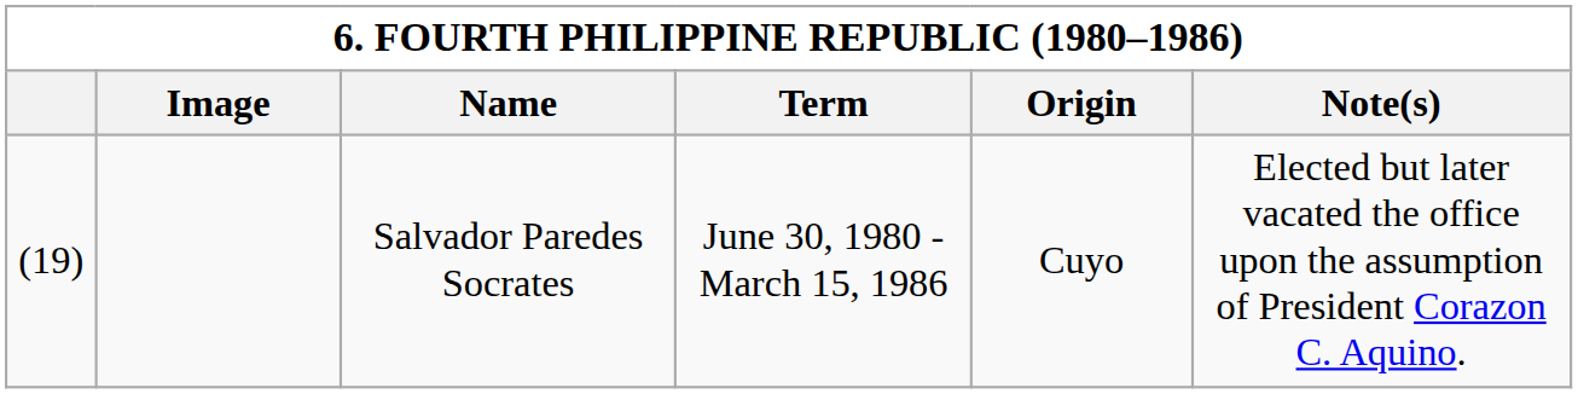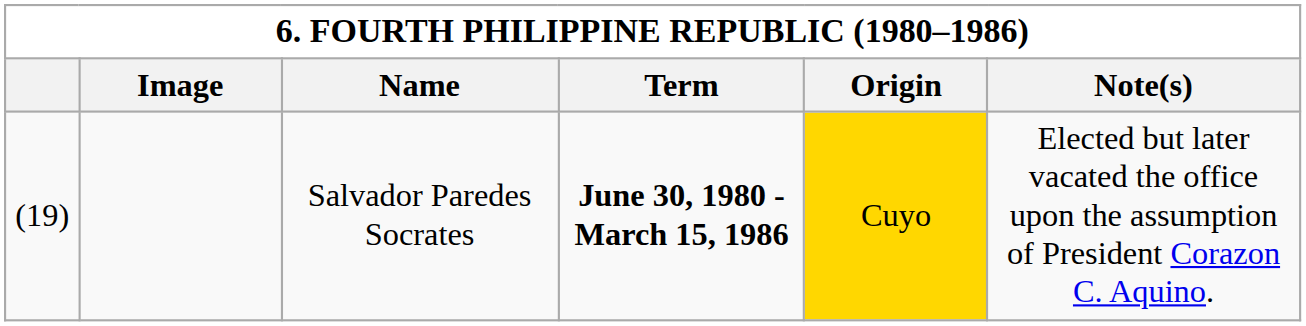 <table class="wikitable collapsible collapsed" style="vertical-align:top;text-align:center;font-size:95%;">
 <tr>
 <th style="background-color:white;font-size:105%;width:51em;" colspan=6>6. FOURTH PHILIPPINE REPUBLIC (1980–1986)</th>
 </tr>
 <tr>
 <th style="width: 1em;text-align:center"></th>
 <th style="width: 7em;text-align:center">Image</th>
 <th style="width: 10em;text-align:center">Name</th>
 <th style="width: 9em;text-align:center">Term</th>
 <th style="width: 6em;text-align:center">Origin</th>
 <th style="width: 11em;text-align:center">Note(s)</th>
 </tr>
 <tr>
 <td>(19)</td>
 <td></td>
 <td>Salvador Paredes Socrates</td>
-<td>June 30, 1980 - March 15, 1986</td>
-<td>Cuyo</td>
+<td><strong>June 30, 1980 - March 15, 1986</strong></td>
+<td style="background: gold;">Cuyo</td>
 <td>Elected but later vacated the office upon the assumption of President <a href='#'>Corazon C. Aquino</a>.</td>
 </tr>
 </table>
